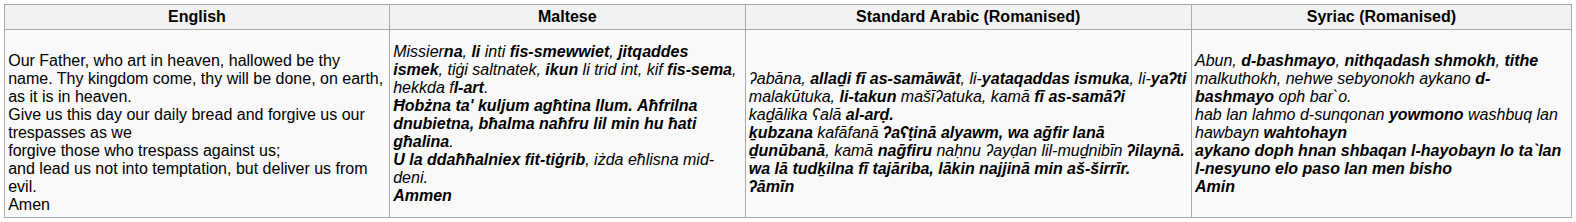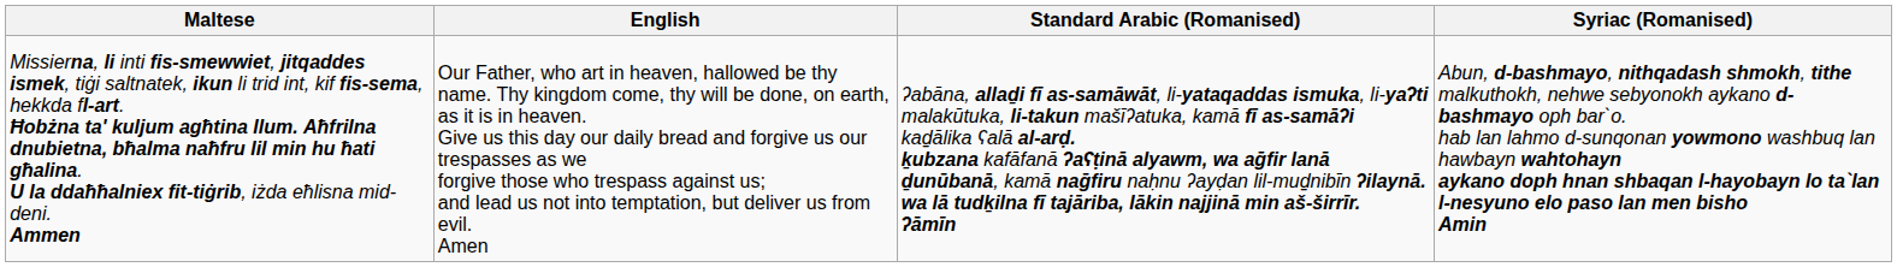 <table class="wikitable">
 <tr>
+<th>Maltese</th>
 <th>English</th>
-<th>Maltese</th>
 <th>Standard Arabic (Romanised)</th>
 <th>Syriac (Romanised)</th>
 </tr>
 <tr>
+<td lang="mt" style="font-style: italic;">Missier<strong>na</strong>, <strong>li</strong> inti <strong>fis-smewwiet</strong>, <strong>jitqaddes ismek</strong>, tiġi saltnatek, <strong>ikun</strong> li trid int, kif <strong>fis-sema</strong>, hekkda f<strong>l-art</strong>.<br><strong><em>Ħobżna<strong> ta' kuljum </strong>agħtina<strong> </strong>llum<strong>. </strong>Aħfrilna<strong> </strong>dnubietna<strong>, bħal</strong>ma<strong> </strong>naħfru<strong> lil min hu ħati </strong>għalina</em></strong>.<br><strong>U la ddaħħalniex fit-tiġrib</strong>, iżda eħlisna mid-deni.<br><strong>Ammen</strong></td>
 <td><br>Our Father, who art in heaven, hallowed be thy name. Thy kingdom come, thy will be done, on earth, as it is in heaven.<br>Give us this day our daily bread and forgive us our trespasses as we<br>forgive those who trespass against us;<br>and lead us not into temptation, but deliver us from evil.<br>Amen</td>
-<td lang="mt" style="font-style: italic;">Missier<strong>na</strong>, <strong>li</strong> inti <strong>fis-smewwiet</strong>, <strong>jitqaddes ismek</strong>, tiġi saltnatek, <strong>ikun</strong> li trid int, kif <strong>fis-sema</strong>, hekkda f<strong>l-art</strong>.<br><strong><em>Ħobżna<strong> ta' kuljum </strong>agħtina<strong> </strong>llum<strong>. </strong>Aħfrilna<strong> </strong>dnubietna<strong>, bħal</strong>ma<strong> </strong>naħfru<strong> lil min hu ħati </strong>għalina</em></strong>.<br><strong>U la ddaħħalniex fit-tiġrib</strong>, iżda eħlisna mid-deni.<br><strong>Ammen</strong></td>
 <td lang="ar-Latn" style="font-style: italic;"><br><em>ʔabāna</em>, <strong>alla<em>ḏ</em>i</strong> <strong>fī as-samāwāt</strong>, li-<strong>yataqaddas ismuka</strong>, li-<strong>yaʔti</strong> malakūtuka, <strong>li-takun</strong> ma<em>šī</em>ʔatuka, kamā <strong>fī as-samāʔi</strong> ka<em>ḏ</em>ālika <em>ʕa</em>lā <strong>al-ar<em>ḍ<strong><em>.<br></em></strong>ḵ</em>ubzana</strong> kafāfanā <strong><em>ʔaʕṭi<em>nā<strong> </strong>alyawm<strong>, wa </strong>a</em>ḡ<em>fir lanā<strong> </em></strong>ḏ</em>unūbanā</strong>, kamā <strong>na<em>ḡ</em>firu</strong> na<em>ḥ</em>nu <em>ʔ</em>ay<em>ḍ</em>an lil-muḏnibīn <strong><em>ʔ<em>ilaynā.<strong><br></strong>wa lā tud</em>ḵ<em>ilna fī tajāriba<strong>, lākin najjinā min a</em>š-š<em>irrīr.<br></em></strong>ʔā</em>mīn</strong></td>
 <td lang="syc-Latn" style="font-style: italic;">Abun, <strong>d-bashmayo</strong>, <strong>nithqadash</strong> <strong>shmokh</strong>, <strong>tithe</strong> malkuthokh, nehwe sebyonokh aykano <strong>d-bashmayo</strong> oph bar`o.<br><em>hab lan lahmo d-sunqonan <strong>yowmono</strong> washbuq lan hawbayn <strong>wahtohayn<strong><em><br>aykano doph hnan shbaqan l-hayobayn lo ta`lan l-nesyuno elo paso lan </strong>men<strong> bisho<br></strong>Amin<strong></td>
 </tr>
 </table>
